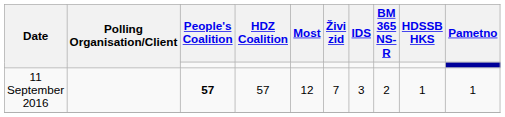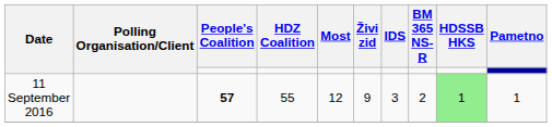 <table class="wikitable" style="text-align:center">
 <tr>
 <th rowspan=2>Date</th>
 <th rowspan=2>Polling Organisation/Client</th>
 <th><a href='#'>People's Coalition</a></th>
 <th><a href='#'>HDZ Coalition</a></th>
 <th><a href='#'>Most</a></th>
 <th><a href='#'>Živi zid</a></th>
 <th><a href='#'>IDS</a></th>
 <th><a href='#'>BM 365</a><br><a href='#'>NS-R</a></th>
 <th><a href='#'>HDSSB</a><br><a href='#'>HKS</a></th>
 <th><a href='#'>Pametno</a></th>
 </tr>
 <tr>
 <td style="background: "></td>
 <td style="background: "></td>
 <td style="background: "></td>
 <td style="background: "></td>
 <td style="background: "></td>
 <td style="background: "></td>
 <td style="background: "></td>
 <th style="background-color:#00009a; width:80px;"></th>
 </tr>
 <tr>
 <td>11 September 2016</td>
 <td></td>
 <td align=center><strong>57</strong></td>
-<td align=center>57</td>
+<td align=center>55</td>
 <td align=center>12</td>
-<td align=center>7</td>
+<td align=center>9</td>
 <td align=center>3</td>
 <td align=center>2</td>
-<td align=center>1</td>
+<td align=center style="background: lightgreen;">1</td>
 <td align=center>1</td>
 </tr>
 <tr>
 </tr>
 </table>
